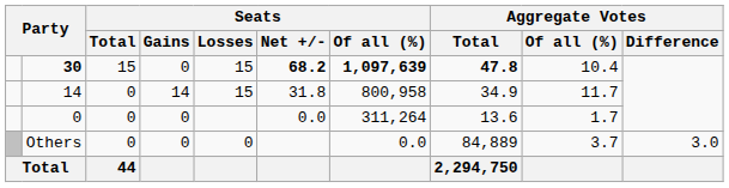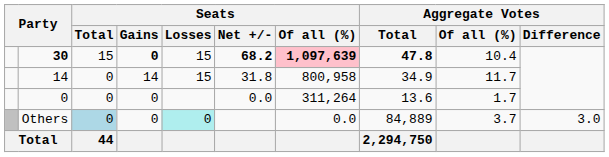 <table class="wikitable sortable" style="text-align:right; font-size:95%;">
 <tr>
 <th colspan="2" rowspan="2">Party</th>
 <th colspan="5">Seats</th>
 <th colspan="3">Aggregate Votes</th>
 </tr>
 <tr>
 <th>Total</th>
 <th>Gains</th>
 <th>Losses</th>
 <th>Net +/-</th>
 <th>Of all (%)</th>
 <th>Total</th>
 <th>Of all (%)</th>
 <th>Difference</th>
 </tr>
 <tr>
 <td></td>
 <td><strong>30</strong></td>
 <td>15</td>
-<td>0</td>
+<td><strong>0</strong></td>
 <td>15</td>
 <td><strong>68.2</strong></td>
-<td><strong>1,097,639</strong></td>
+<td style="background: pink;"><strong>1,097,639</strong></td>
 <td><strong>47.8</strong></td>
 <td>10.4</td>
 </tr>
 <tr>
 <td></td>
 <td>14</td>
 <td>0</td>
 <td>14</td>
 <td>15</td>
 <td>31.8</td>
 <td>800,958</td>
 <td>34.9</td>
 <td>11.7</td>
 </tr>
 <tr>
 <td></td>
 <td>0</td>
 <td>0</td>
 <td>0</td>
 <td></td>
 <td>0.0</td>
 <td>311,264</td>
 <td>13.6</td>
 <td>1.7</td>
 </tr>
 <tr>
 <td style="background:silver;"> </td>
 <td align=left>Others</td>
+<td style="background: lightblue;">0</td>
 <td>0</td>
-<td>0</td>
-<td>0</td>
+<td style="background: paleturquoise;">0</td>
 <td></td>
 <td>0.0</td>
 <td>84,889</td>
 <td>3.7</td>
 <td>3.0</td>
 </tr>
 <tr class="sortbottom">
 <th colspan="2" style="background:#f2f2f2"><strong>Total</strong></th>
 <td style="background:#f2f2f2;"><strong>44</strong></td>
 <td style="background:#f2f2f2;"></td>
 <td style="background:#f2f2f2;"></td>
 <td style="background:#f2f2f2;"></td>
 <td style="background:#f2f2f2;"></td>
 <td style="background:#f2f2f2;"><strong>2,294,750</strong></td>
 <td style="background:#f2f2f2;"></td>
 <td style="background:#f2f2f2;"></td>
 </tr>
 </table>
